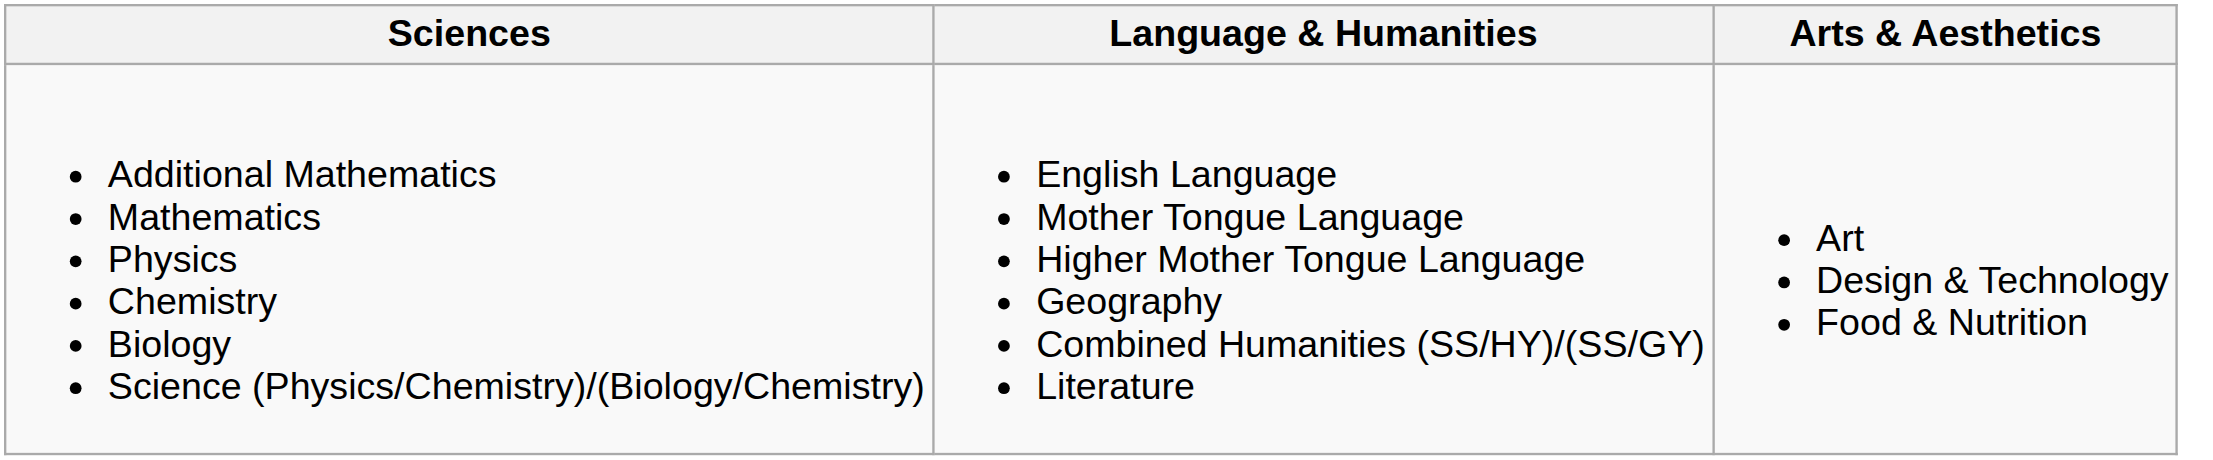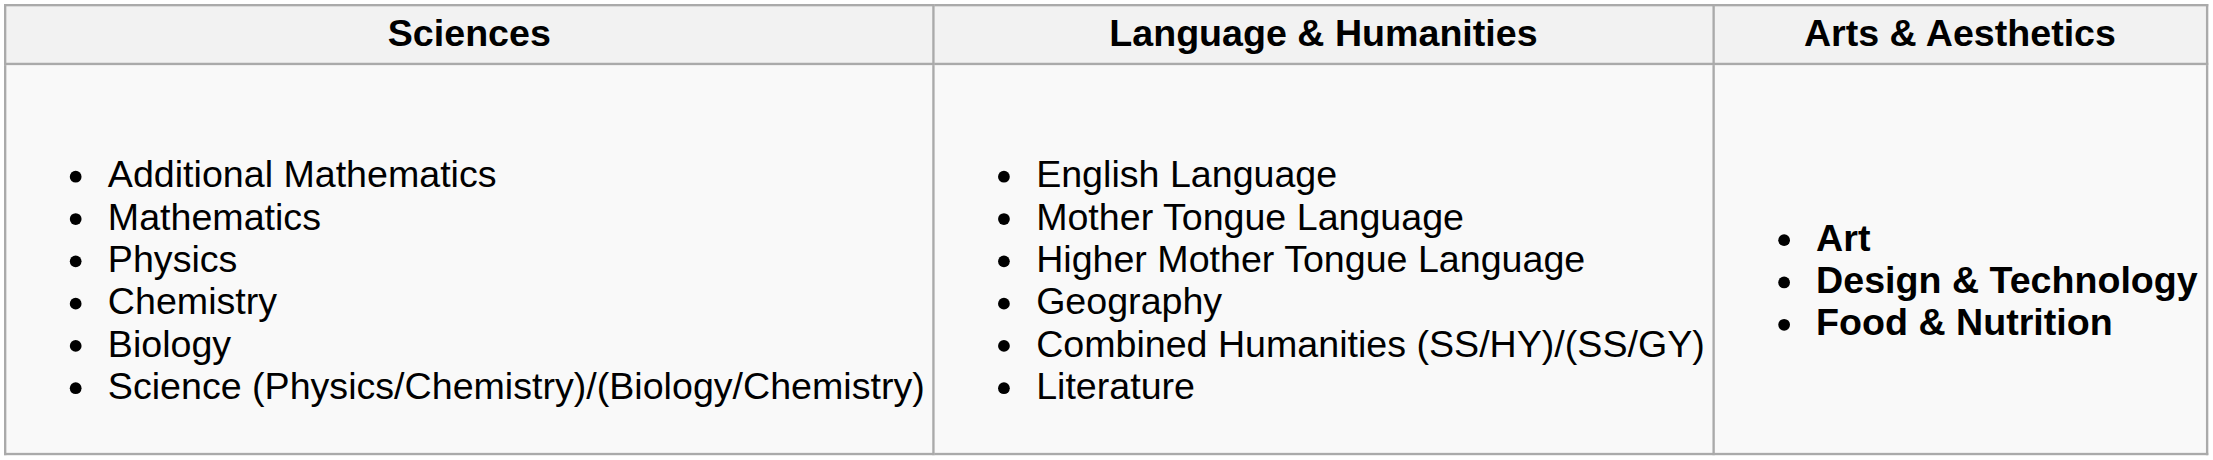 <table class="wikitable">
 <tr>
 <th>Sciences</th>
 <th><strong>Language & Humanities</strong></th>
 <th><strong>Arts & Aesthetics</strong></th>
 </tr>
 <tr>
 <td><br><ul><li>Additional Mathematics</li><li>Mathematics</li><li>Physics</li><li>Chemistry</li><li>Biology</li><li>Science (Physics/Chemistry)/(Biology/Chemistry)</li></ul></td>
 <td><br><ul><li>English Language</li><li>Mother Tongue Language</li><li>Higher Mother Tongue Language</li><li>Geography</li><li>Combined Humanities (SS/HY)/(SS/GY)</li><li>Literature</li></ul></td>
-<td><br><ul><li>Art</li><li>Design & Technology</li><li>Food & Nutrition</li></ul></td>
+<td><strong><br><ul><li>Art</li><li>Design & Technology</li><li>Food & Nutrition</li></ul></strong></td>
 </tr>
 </table>
